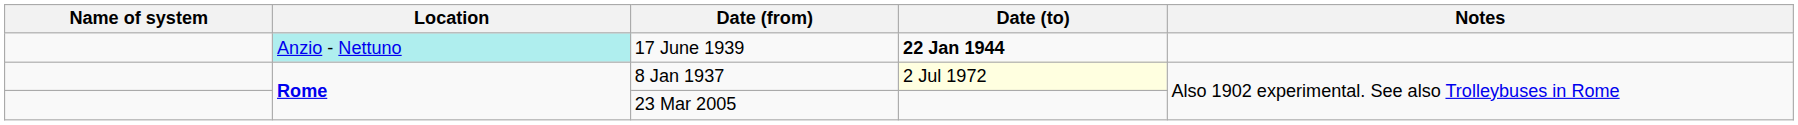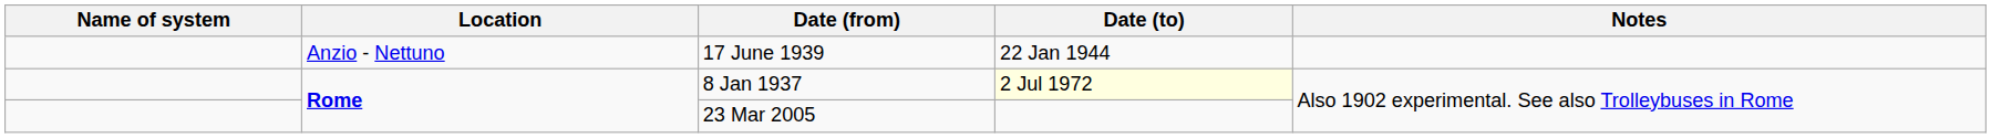 <table class="wikitable" width=100%>
 <tr>
 <th width=15%>Name of system</th>
 <th width=20%>Location</th>
 <th width=15%>Date (from)</th>
 <th width=15%>Date (to)</th>
 <th width=35%>Notes</th>
 </tr>
 <tr>
 <td> </td>
-<td style="background: paleturquoise;"><a href='#'>Anzio</a> - <a href='#'>Nettuno</a></td>
+<td><a href='#'>Anzio</a> - <a href='#'>Nettuno</a></td>
 <td>17 June 1939</td>
-<td><strong>22 Jan 1944</strong></td>
+<td>22 Jan 1944</td>
 <td> </td>
 </tr>
 <tr>
 <td> </td>
 <td rowspan=2><strong><a href='#'>Rome</a></strong></td>
 <td>8 Jan 1937</td>
 <td style="background: lightyellow;">2 Jul 1972</td>
 <td rowspan=2>Also 1902 experimental. See also <a href='#'>Trolleybuses in Rome</a></td>
 </tr>
 <tr>
 <td> </td>
 <td>23 Mar 2005</td>
 <td></td>
 </tr>
 </table>
